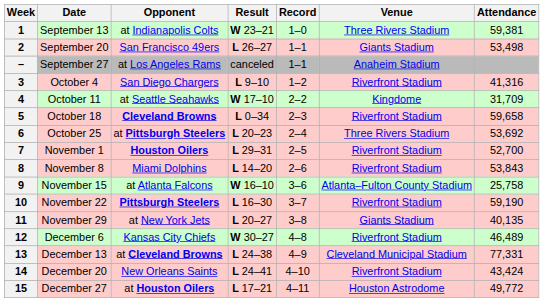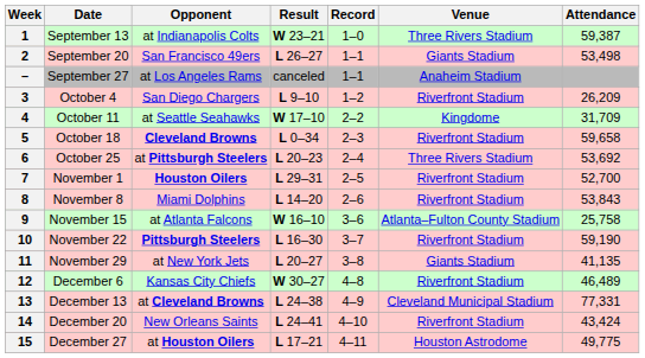 <table class="wikitable" style="text-align:center">
 <tr>
 <th>Week</th>
 <th>Date</th>
 <th>Opponent</th>
 <th>Result</th>
 <th>Record</th>
 <th>Venue</th>
 <th>Attendance</th>
 </tr>
 <tr style="background:#cfc">
 <th>1</th>
 <td>September 13</td>
 <td>at <a href='#'>Indianapolis Colts</a></td>
 <td><strong>W</strong> 23–21</td>
 <td>1–0</td>
 <td><a href='#'>Three Rivers Stadium</a></td>
-<td>59,381</td>
+<td>59,387</td>
 </tr>
 <tr style="background:#fcc">
 <th>2</th>
 <td>September 20</td>
 <td><a href='#'>San Francisco 49ers</a></td>
 <td><strong>L</strong> 26–27</td>
 <td>1–1</td>
 <td><a href='#'>Giants Stadium</a></td>
 <td>53,498</td>
 </tr>
 <tr style="background:#bababa">
 <th>–</th>
 <td>September 27</td>
 <td>at <a href='#'>Los Angeles Rams</a></td>
 <td>canceled</td>
 <td>1–1</td>
 <td><a href='#'>Anaheim Stadium</a></td>
 <td></td>
 </tr>
 <tr style="background:#fcc">
 <th>3</th>
 <td>October 4</td>
 <td><a href='#'>San Diego Chargers</a></td>
 <td><strong>L</strong> 9–10</td>
 <td>1–2</td>
 <td><a href='#'>Riverfront Stadium</a></td>
-<td>41,316</td>
+<td>26,209</td>
 </tr>
 <tr style="background:#cfc">
 <th>4</th>
 <td>October 11</td>
 <td>at <a href='#'>Seattle Seahawks</a></td>
 <td><strong>W</strong> 17–10</td>
 <td>2–2</td>
 <td><a href='#'>Kingdome</a></td>
 <td>31,709</td>
 </tr>
 <tr style="background:#fcc">
 <th>5</th>
 <td>October 18</td>
 <td><strong><a href='#'>Cleveland Browns</a></strong></td>
 <td><strong>L</strong> 0–34</td>
 <td>2–3</td>
 <td><a href='#'>Riverfront Stadium</a></td>
 <td>59,658</td>
 </tr>
 <tr style="background:#fcc">
 <th>6</th>
 <td>October 25</td>
 <td>at <strong><a href='#'>Pittsburgh Steelers</a></strong></td>
 <td><strong>L</strong> 20–23</td>
 <td>2–4</td>
 <td><a href='#'>Three Rivers Stadium</a></td>
 <td>53,692</td>
 </tr>
 <tr style="background:#fcc">
 <th>7</th>
 <td>November 1</td>
 <td><strong><a href='#'>Houston Oilers</a></strong></td>
 <td><strong>L</strong> 29–31</td>
 <td>2–5</td>
 <td><a href='#'>Riverfront Stadium</a></td>
 <td>52,700</td>
 </tr>
 <tr style="background:#fcc">
 <th>8</th>
 <td>November 8</td>
 <td><a href='#'>Miami Dolphins</a></td>
 <td><strong>L</strong> 14–20</td>
 <td>2–6</td>
 <td><a href='#'>Riverfront Stadium</a></td>
 <td>53,843</td>
 </tr>
 <tr style="background:#cfc">
 <th>9</th>
 <td>November 15</td>
 <td>at <a href='#'>Atlanta Falcons</a></td>
 <td><strong>W</strong> 16–10</td>
 <td>3–6</td>
 <td><a href='#'>Atlanta–Fulton County Stadium</a></td>
 <td>25,758</td>
 </tr>
 <tr style="background:#fcc">
 <th>10</th>
 <td>November 22</td>
 <td><strong><a href='#'>Pittsburgh Steelers</a></strong></td>
 <td><strong>L</strong> 16–30</td>
 <td>3–7</td>
 <td><a href='#'>Riverfront Stadium</a></td>
 <td>59,190</td>
 </tr>
 <tr style="background:#fcc">
 <th>11</th>
 <td>November 29</td>
 <td>at <a href='#'>New York Jets</a></td>
 <td><strong>L</strong> 20–27</td>
 <td>3–8</td>
 <td><a href='#'>Giants Stadium</a></td>
-<td>40,135</td>
+<td>41,135</td>
 </tr>
 <tr style="background:#cfc">
 <th>12</th>
 <td>December 6</td>
 <td><a href='#'>Kansas City Chiefs</a></td>
 <td><strong>W</strong> 30–27</td>
 <td>4–8</td>
 <td><a href='#'>Riverfront Stadium</a></td>
 <td>46,489</td>
 </tr>
 <tr style="background:#fcc">
 <th>13</th>
 <td>December 13</td>
 <td>at <strong><a href='#'>Cleveland Browns</a></strong></td>
 <td><strong>L</strong> 24–38</td>
 <td>4–9</td>
 <td><a href='#'>Cleveland Municipal Stadium</a></td>
 <td>77,331</td>
 </tr>
 <tr style="background:#fcc">
 <th>14</th>
 <td>December 20</td>
 <td><a href='#'>New Orleans Saints</a></td>
 <td><strong>L</strong> 24–41</td>
 <td>4–10</td>
 <td><a href='#'>Riverfront Stadium</a></td>
 <td>43,424</td>
 </tr>
 <tr style="background:#fcc">
 <th>15</th>
 <td>December 27</td>
 <td>at <strong><a href='#'>Houston Oilers</a></strong></td>
 <td><strong>L</strong> 17–21</td>
 <td>4–11</td>
 <td><a href='#'>Houston Astrodome</a></td>
-<td>49,772</td>
+<td>49,775</td>
 </tr>
 </table>
